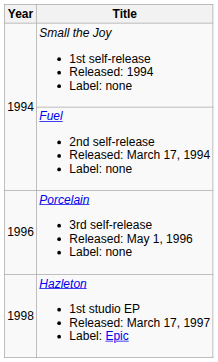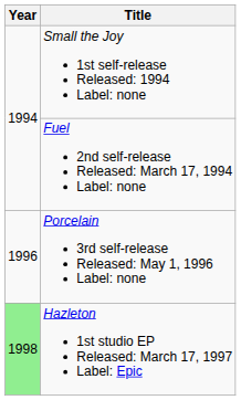 <table class="wikitable">
 <tr>
 <th>Year</th>
 <th>Title</th>
 </tr>
 <tr>
 <td rowspan="2">1994</td>
 <td><em>Small the Joy</em><br><ul><li>1st self-release</li><li>Released: 1994</li><li>Label: none</li></ul></td>
 </tr>
 <tr>
 <td><em><a href='#'>Fuel</a></em><br><ul><li>2nd self-release</li><li>Released: March 17, 1994</li><li>Label: none</li></ul></td>
 </tr>
 <tr>
 <td>1996</td>
 <td><em><a href='#'>Porcelain</a></em><br><ul><li>3rd self-release</li><li>Released: May 1, 1996</li><li>Label: none</li></ul></td>
 </tr>
 <tr>
-<td>1998</td>
+<td style="background: lightgreen;">1998</td>
 <td><em><a href='#'>Hazleton</a></em><br><ul><li>1st studio EP</li><li>Released: March 17, 1997</li><li>Label: <a href='#'>Epic</a></li></ul></td>
 </tr>
 </table>
